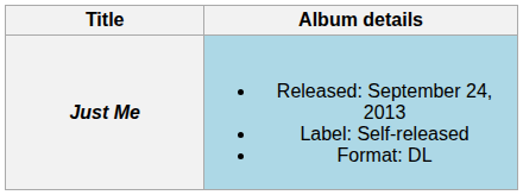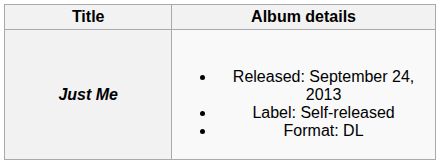 <table class="wikitable plainrowheaders" style="text-align:center;">
 <tr>
 <th scope="col" style="width:10em;">Title</th>
 <th scope="col" style="width:16em;">Album details</th>
 </tr>
 <tr>
 <th scope="row"><em>Just Me</em></th>
-<td style="background: lightblue;"><br><ul><li>Released: September 24, 2013</li><li>Label: Self-released</li><li>Format: DL</li></ul></td>
+<td><br><ul><li>Released: September 24, 2013</li><li>Label: Self-released</li><li>Format: DL</li></ul></td>
 </tr>
 </table>
